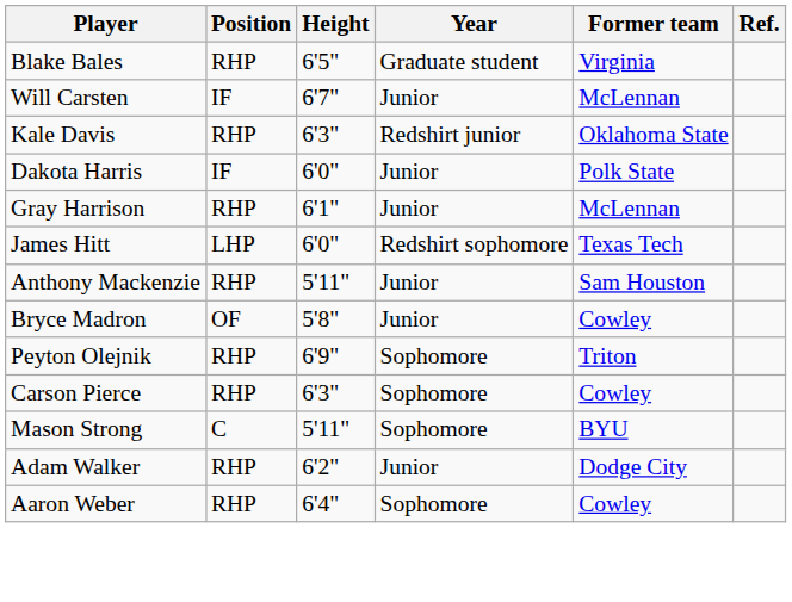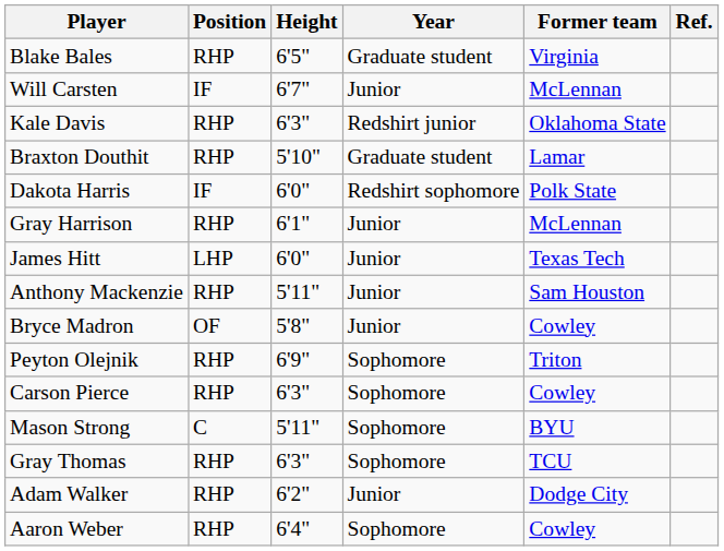 <table class="wikitable sortable">
 <tr>
 <th style="text-align:center; ">Player</th>
 <th style="text-align:center; ">Position</th>
 <th style="text-align:center; ">Height</th>
 <th style="text-align:center; ">Year</th>
 <th style="text-align:center; ">Former team</th>
 <th style="text-align:center; ">Ref.</th>
 </tr>
 <tr>
 <td>Blake Bales</td>
 <td>RHP</td>
 <td>6'5"</td>
 <td>Graduate student</td>
 <td><a href='#'>Virginia</a></td>
 <td></td>
 </tr>
 <tr>
 <td>Will Carsten</td>
 <td>IF</td>
 <td>6'7"</td>
 <td>Junior</td>
 <td><a href='#'>McLennan</a></td>
 <td></td>
 </tr>
 <tr>
 <td>Kale Davis</td>
 <td>RHP</td>
 <td>6'3"</td>
 <td> Redshirt junior</td>
 <td><a href='#'>Oklahoma State</a></td>
 <td></td>
 </tr>
 <tr>
+<td>Braxton Douthit</td>
+<td>RHP</td>
+<td>5'10"</td>
+<td>Graduate student</td>
+<td><a href='#'>Lamar</a></td>
+<td></td>
+</tr>
+<tr>
 <td>Dakota Harris</td>
 <td>IF</td>
 <td>6'0"</td>
-<td>Junior</td>
+<td> Redshirt sophomore</td>
 <td><a href='#'>Polk State</a></td>
 <td></td>
 </tr>
 <tr>
 <td>Gray Harrison</td>
 <td>RHP</td>
 <td>6'1"</td>
 <td>Junior</td>
 <td><a href='#'>McLennan</a></td>
 <td></td>
 </tr>
 <tr>
 <td>James Hitt</td>
 <td>LHP</td>
 <td>6'0"</td>
-<td> Redshirt sophomore</td>
+<td>Junior</td>
 <td><a href='#'>Texas Tech</a></td>
 <td></td>
 </tr>
 <tr>
 <td>Anthony Mackenzie</td>
 <td>RHP</td>
 <td>5'11"</td>
 <td>Junior</td>
 <td><a href='#'>Sam Houston</a></td>
 <td></td>
 </tr>
 <tr>
 <td>Bryce Madron</td>
 <td>OF</td>
 <td>5'8"</td>
 <td>Junior</td>
 <td><a href='#'>Cowley</a></td>
 <td></td>
 </tr>
 <tr>
 <td>Peyton Olejnik</td>
 <td>RHP</td>
 <td>6'9"</td>
 <td>Sophomore</td>
 <td><a href='#'>Triton</a></td>
 <td></td>
 </tr>
 <tr>
 <td>Carson Pierce</td>
 <td>RHP</td>
 <td>6'3"</td>
 <td>Sophomore</td>
 <td><a href='#'>Cowley</a></td>
 <td></td>
 </tr>
 <tr>
 <td>Mason Strong</td>
 <td>C</td>
 <td>5'11"</td>
 <td>Sophomore</td>
 <td><a href='#'>BYU</a></td>
 <td></td>
 </tr>
 <tr>
+<td>Gray Thomas</td>
+<td>RHP</td>
+<td>6'3"</td>
+<td>Sophomore</td>
+<td><a href='#'>TCU</a></td>
+<td></td>
+</tr>
+<tr>
 <td>Adam Walker</td>
 <td>RHP</td>
 <td>6'2"</td>
 <td>Junior</td>
 <td><a href='#'>Dodge City</a></td>
 <td></td>
 </tr>
 <tr>
 <td>Aaron Weber</td>
 <td>RHP</td>
 <td>6'4"</td>
 <td>Sophomore</td>
 <td><a href='#'>Cowley</a></td>
 <td></td>
 </tr>
 </table>
